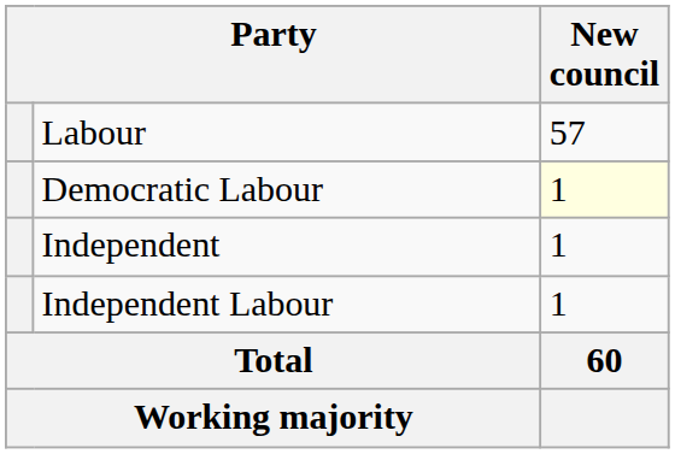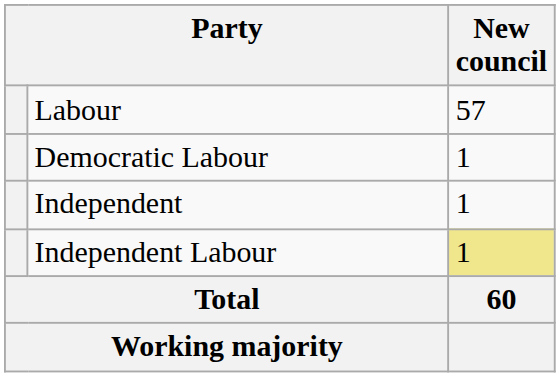 <table class="wikitable">
 <tr>
 <th valign=top colspan="2" style="width: 230px">Party</th>
 <th valign=top style="width: 30px">New council</th>
 </tr>
 <tr>
 <th style="background-color: "></th>
 <td>Labour</td>
 <td>57</td>
 </tr>
 <tr>
 <th style="background-color: "></th>
 <td>Democratic Labour</td>
-<td style="background: lightyellow;">1</td>
+<td>1</td>
 </tr>
 <tr>
 <th style="background-color: "></th>
 <td>Independent</td>
 <td>1</td>
 </tr>
 <tr>
 <th style="background-color: "></th>
 <td>Independent Labour</td>
-<td>1</td>
+<td style="background: khaki;">1</td>
 </tr>
 <tr>
 <th colspan=2>Total</th>
 <th style="text-align: center">60</th>
 </tr>
 <tr>
 <th colspan=2>Working majority</th>
 <th></th>
 </tr>
 </table>
